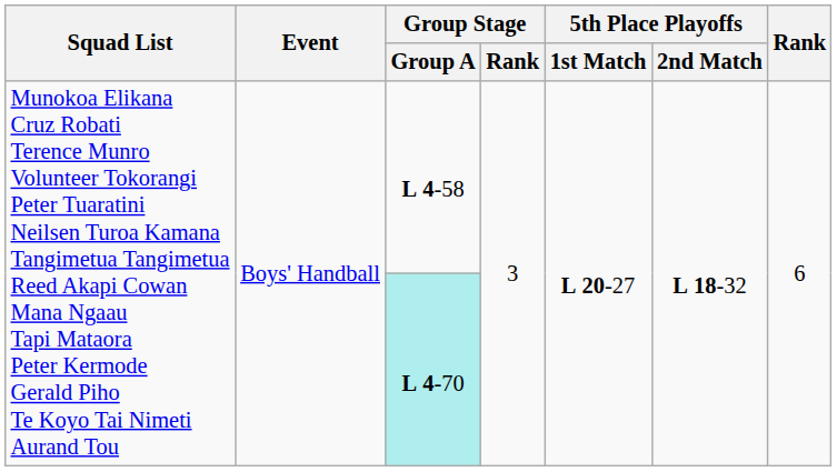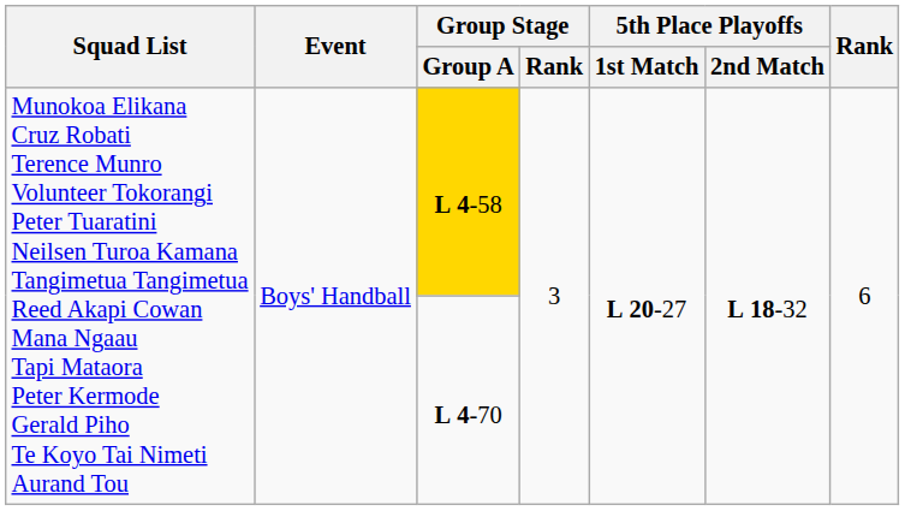 <table class=wikitable style="font-size:90%">
 <tr>
 <th rowspan=2>Squad List</th>
 <th rowspan=2>Event</th>
 <th colspan=2>Group Stage</th>
 <th colspan=2>5th Place Playoffs</th>
 <th rowspan=2>Rank</th>
 </tr>
 <tr>
 <th>Group A</th>
 <th>Rank</th>
 <th>1st Match</th>
 <th>2nd Match</th>
 </tr>
 <tr>
 <td rowspan=2><a href='#'>Munokoa Elikana</a><br><a href='#'>Cruz Robati</a><br><a href='#'>Terence Munro</a><br><a href='#'>Volunteer Tokorangi</a><br><a href='#'>Peter Tuaratini</a><br><a href='#'>Neilsen Turoa Kamana</a><br><a href='#'>Tangimetua Tangimetua</a><br><a href='#'>Reed Akapi Cowan</a><br><a href='#'>Mana Ngaau</a><br><a href='#'>Tapi Mataora</a><br><a href='#'>Peter Kermode</a><br><a href='#'>Gerald Piho</a><br><a href='#'>Te Koyo Tai Nimeti</a><br><a href='#'>Aurand Tou</a></td>
 <td rowspan=2><a href='#'>Boys' Handball</a></td>
-<td align=center><br> <strong>L</strong> <strong>4</strong>-58</td>
+<td align=center style="background: gold;"><br> <strong>L</strong> <strong>4</strong>-58</td>
 <td rowspan="2" style="text-align:center;">3</td>
 <td rowspan="2" style="text-align:center;"><br> <strong>L</strong> <strong>20</strong>-27</td>
 <td rowspan="2" style="text-align:center;"><br> <strong>L</strong> <strong>18</strong>-32</td>
 <td rowspan="2" style="text-align:center;">6</td>
 </tr>
 <tr>
-<td align=center style="background: paleturquoise;"><br> <strong>L</strong> <strong>4</strong>-70</td>
+<td align=center><br> <strong>L</strong> <strong>4</strong>-70</td>
 </tr>
 </table>
